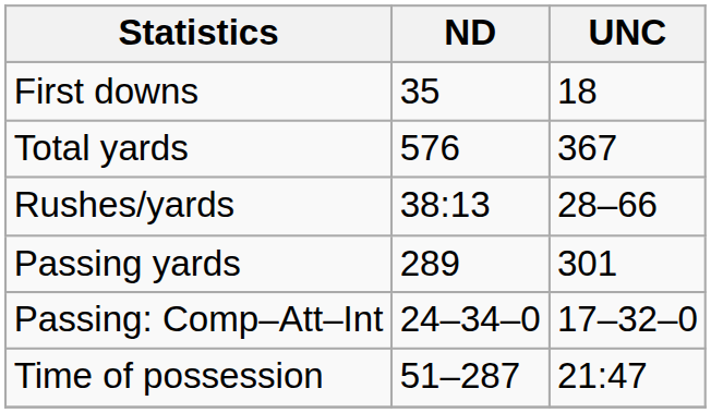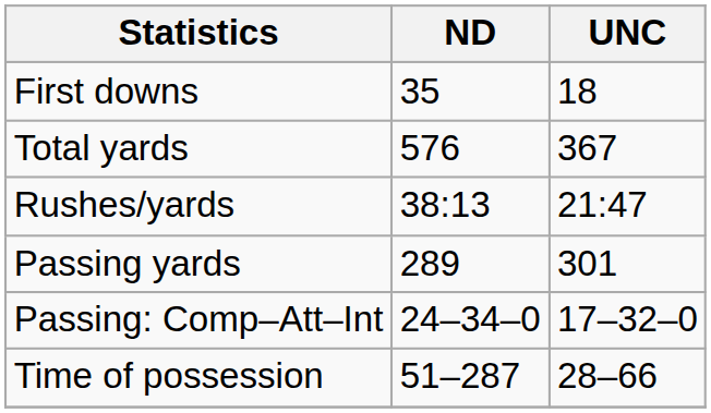 <table class="wikitable" style="float: left;">
 <tr>
 <th>Statistics</th>
 <th>ND</th>
 <th>UNC</th>
 </tr>
 <tr>
 <td>First downs</td>
 <td>35</td>
 <td>18</td>
 </tr>
 <tr>
 <td>Total yards</td>
 <td>576</td>
 <td>367</td>
 </tr>
 <tr>
 <td>Rushes/yards</td>
 <td>38:13</td>
-<td>28–66</td>
+<td>21:47</td>
 </tr>
 <tr>
 <td>Passing yards</td>
 <td>289</td>
 <td>301</td>
 </tr>
 <tr>
 <td>Passing: Comp–Att–Int</td>
 <td>24–34–0</td>
 <td>17–32–0</td>
 </tr>
 <tr>
 <td>Time of possession</td>
 <td>51–287</td>
-<td>21:47</td>
+<td>28–66</td>
 </tr>
 <tr>
 </tr>
 </table>
